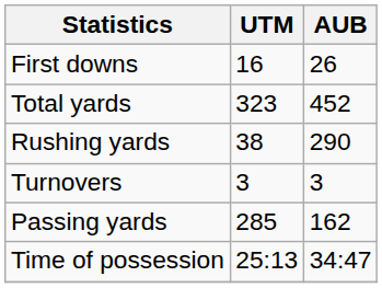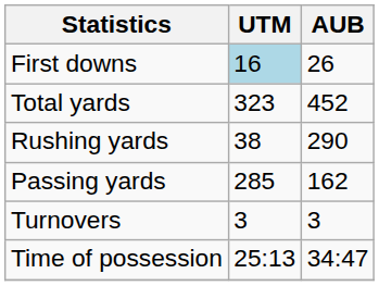 <table class="wikitable">
 <tr>
 <th>Statistics</th>
 <th>UTM</th>
 <th>AUB</th>
 </tr>
 <tr>
 <td>First downs</td>
-<td>16</td>
+<td style="background: lightblue;">16</td>
 <td>26</td>
 </tr>
 <tr>
 <td>Total yards</td>
 <td>323</td>
 <td>452</td>
 </tr>
 <tr>
 <td>Rushing yards</td>
 <td>38</td>
 <td>290</td>
 </tr>
 <tr>
+<td>Passing yards</td>
+<td>285</td>
+<td>162</td>
+</tr>
+<tr>
 <td>Turnovers</td>
 <td>3</td>
 <td>3</td>
-</tr>
-<tr>
-<td>Passing yards</td>
-<td>285</td>
-<td>162</td>
 </tr>
 <tr>
 <td>Time of possession</td>
 <td>25:13</td>
 <td>34:47</td>
 </tr>
 <tr>
 </tr>
 </table>
